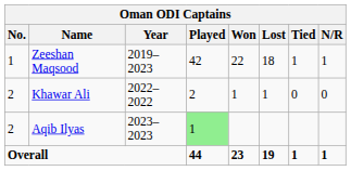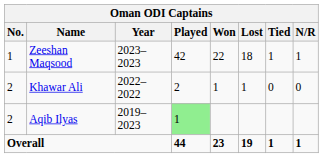 <table class="wikitable" width="70%">
 <tr>
 <th bgcolor="#efefef" colspan=9>Oman ODI Captains</th>
 </tr>
 <tr bgcolor="#efefef">
 <th>No.</th>
 <th>Name</th>
 <th>Year</th>
 <th>Played</th>
 <th>Won</th>
 <th>Lost</th>
 <th>Tied</th>
 <th>N/R</th>
 </tr>
 <tr>
 <td>1</td>
 <td><a href='#'>Zeeshan Maqsood</a></td>
-<td>2019–2023</td>
+<td>2023–2023</td>
 <td>42</td>
 <td>22</td>
 <td>18</td>
 <td>1</td>
 <td>1</td>
 </tr>
 <tr>
 <td>2</td>
 <td><a href='#'>Khawar Ali</a></td>
 <td>2022–2022</td>
 <td>2</td>
 <td>1</td>
 <td>1</td>
 <td>0</td>
 <td>0</td>
 </tr>
 <tr>
 <td>2</td>
 <td><a href='#'>Aqib Ilyas</a></td>
-<td>2023–2023</td>
+<td>2019–2023</td>
 <td style="background: lightgreen;">1</td>
 <td></td>
 <td></td>
 <td></td>
 <td></td>
 </tr>
 <tr>
 <td colspan=3><strong>Overall</strong></td>
 <td><strong>44</strong></td>
 <td><strong>23</strong></td>
 <td><strong>19</strong></td>
 <td><strong>1</strong></td>
 <td><strong>1</strong></td>
 </tr>
 </table>
